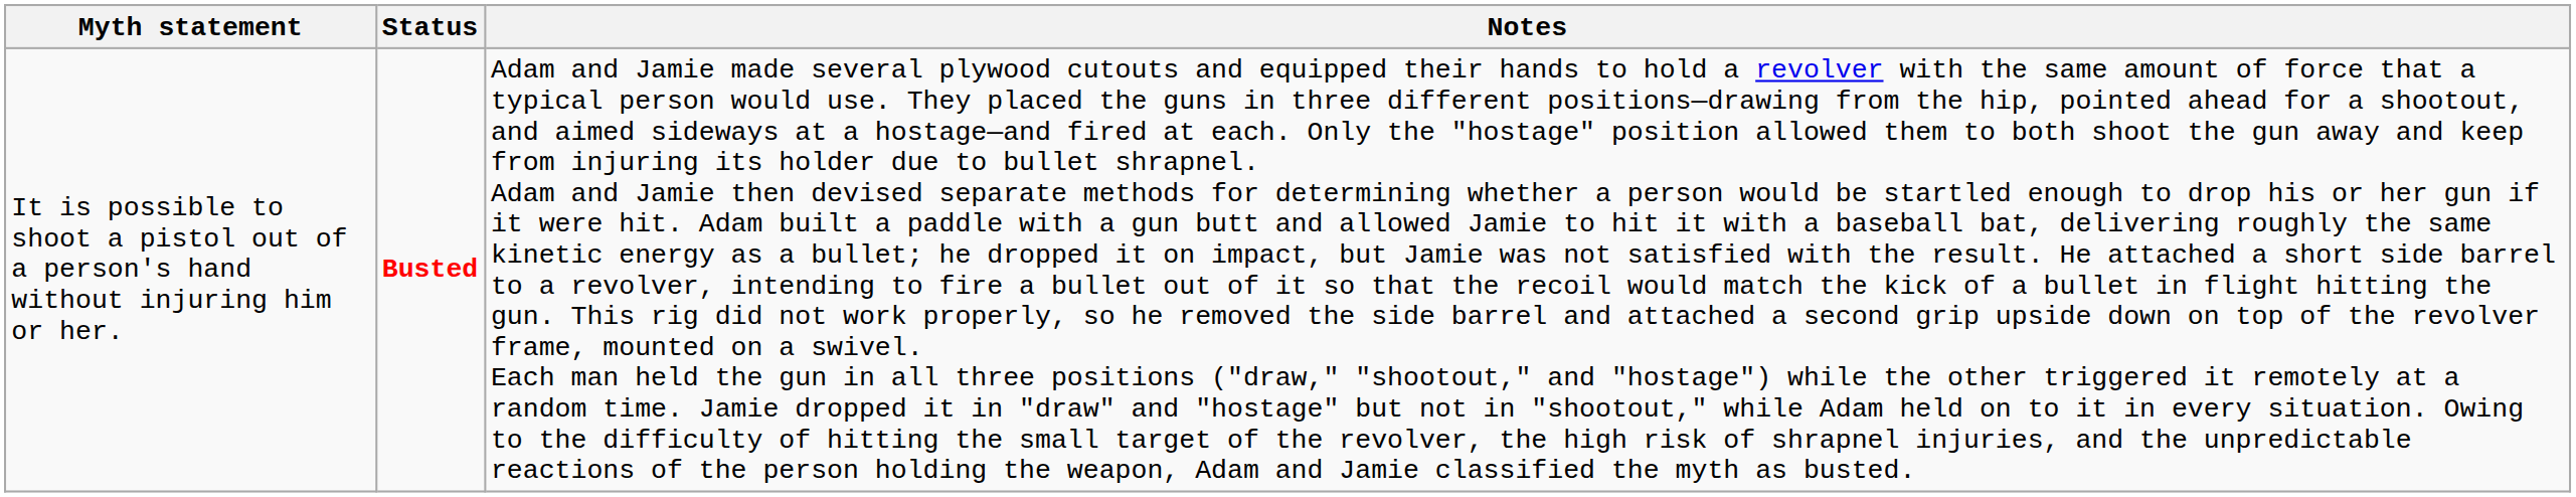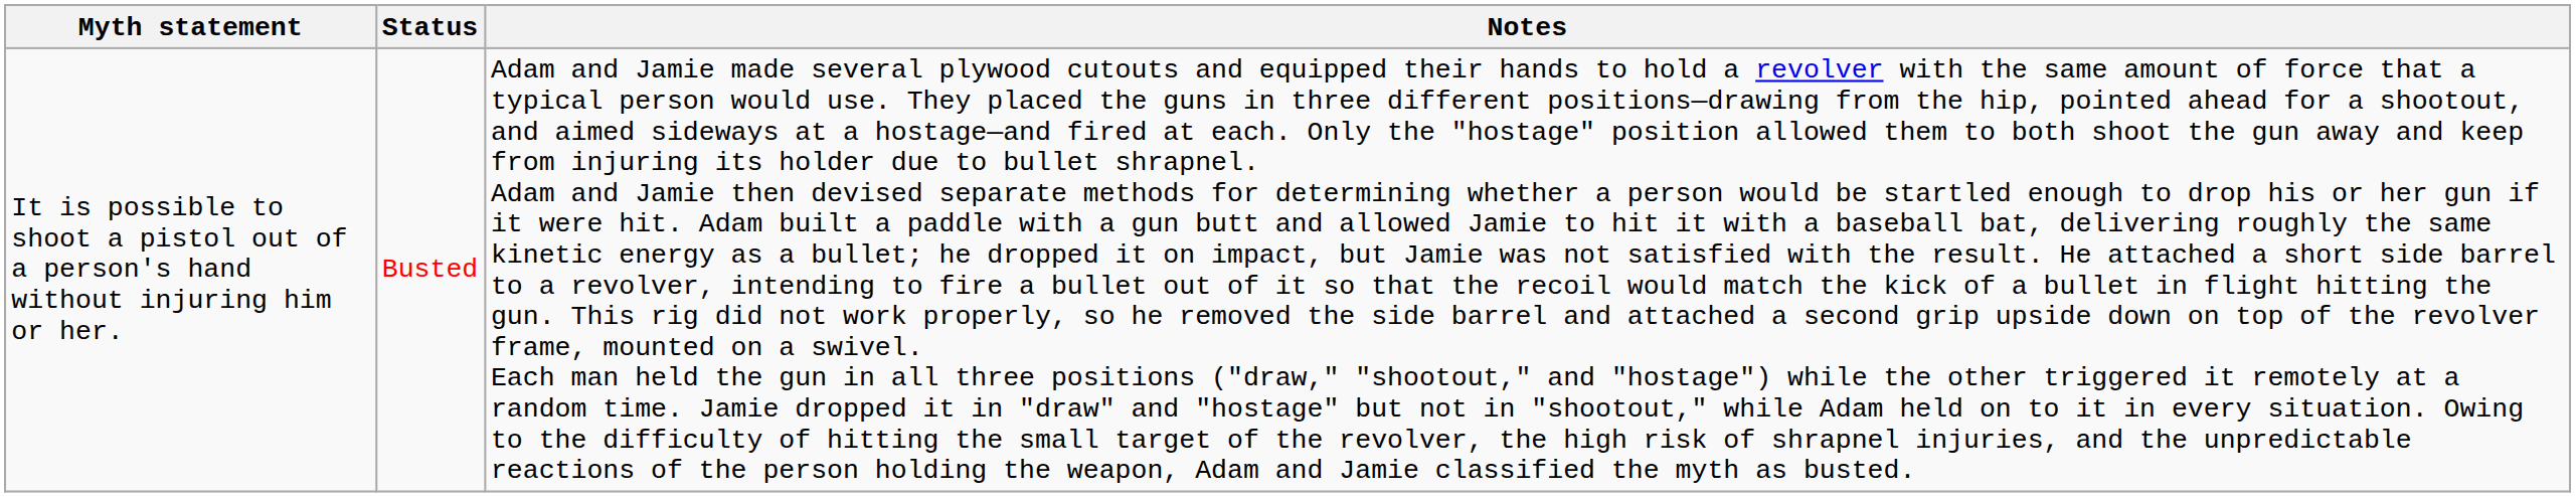 <table class="wikitable plainrowheaders">
 <tr>
 <th>Myth statement</th>
 <th>Status</th>
 <th>Notes</th>
 </tr>
 <tr>
 <td>It is possible to shoot a pistol out of a person's hand without injuring him or her.</td>
-<td style="color:red"><strong>Busted</strong></td>
+<td style="color:red">Busted</td>
 <td>Adam and Jamie made several plywood cutouts and equipped their hands to hold a <a href='#'>revolver</a> with the same amount of force that a typical person would use. They placed the guns in three different positions—drawing from the hip, pointed ahead for a shootout, and aimed sideways at a hostage—and fired at each. Only the "hostage" position allowed them to both shoot the gun away and keep from injuring its holder due to bullet shrapnel.<br>Adam and Jamie then devised separate methods for determining whether a person would be startled enough to drop his or her gun if it were hit. Adam built a paddle with a gun butt and allowed Jamie to hit it with a baseball bat, delivering roughly the same kinetic energy as a bullet; he dropped it on impact, but Jamie was not satisfied with the result. He attached a short side barrel to a revolver, intending to fire a bullet out of it so that the recoil would match the kick of a bullet in flight hitting the gun. This rig did not work properly, so he removed the side barrel and attached a second grip upside down on top of the revolver frame, mounted on a swivel.<br>Each man held the gun in all three positions ("draw," "shootout," and "hostage") while the other triggered it remotely at a random time. Jamie dropped it in "draw" and "hostage" but not in "shootout," while Adam held on to it in every situation. Owing to the difficulty of hitting the small target of the revolver, the high risk of shrapnel injuries, and the unpredictable reactions of the person holding the weapon, Adam and Jamie classified the myth as busted.</td>
 </tr>
 </table>
